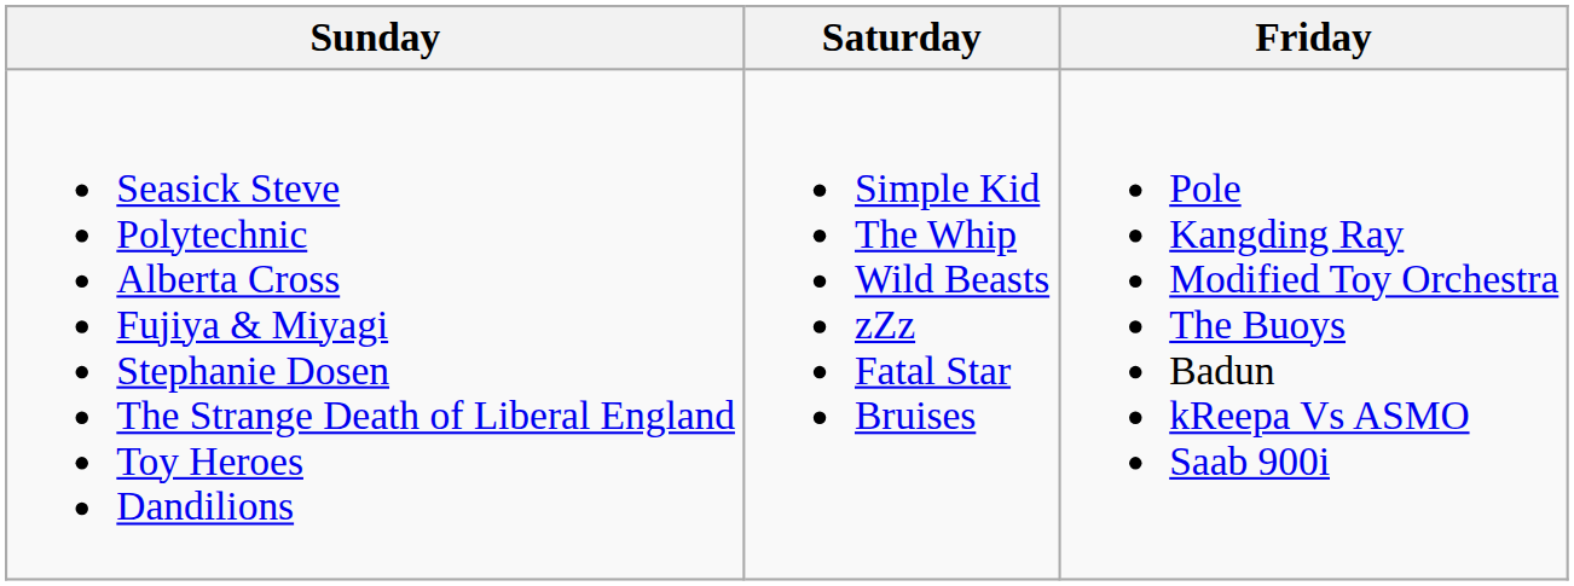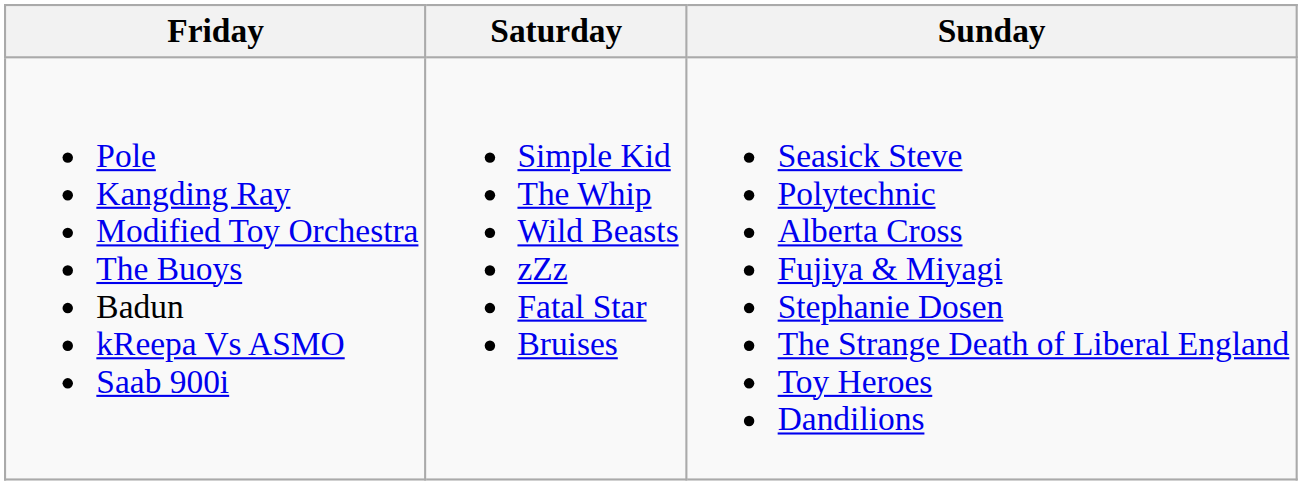 <table class="wikitable">
 <tr>
+<th>Friday</th>
+<th>Saturday</th>
 <th>Sunday</th>
-<th>Saturday</th>
-<th>Friday</th>
 </tr>
 <tr>
+<td valign=top><br><ul><li><a href='#'>Pole</a></li><li><a href='#'>Kangding Ray</a></li><li><a href='#'>Modified Toy Orchestra</a></li><li><a href='#'>The Buoys</a></li><li>Badun</li><li><a href='#'>kReepa Vs ASMO</a></li><li><a href='#'>Saab 900i</a></li></ul></td>
+<td valign=top><br><ul><li><a href='#'>Simple Kid</a></li><li><a href='#'>The Whip</a></li><li><a href='#'>Wild Beasts</a></li><li><a href='#'>zZz</a></li><li><a href='#'>Fatal Star</a></li><li><a href='#'>Bruises</a></li></ul></td>
 <td valign=top><br><ul><li><a href='#'>Seasick Steve</a></li><li><a href='#'>Polytechnic</a></li><li><a href='#'>Alberta Cross</a></li><li><a href='#'>Fujiya & Miyagi</a></li><li><a href='#'>Stephanie Dosen</a></li><li><a href='#'>The Strange Death of Liberal England</a></li><li><a href='#'>Toy Heroes</a></li><li><a href='#'>Dandilions</a></li></ul></td>
-<td valign=top><br><ul><li><a href='#'>Simple Kid</a></li><li><a href='#'>The Whip</a></li><li><a href='#'>Wild Beasts</a></li><li><a href='#'>zZz</a></li><li><a href='#'>Fatal Star</a></li><li><a href='#'>Bruises</a></li></ul></td>
-<td valign=top><br><ul><li><a href='#'>Pole</a></li><li><a href='#'>Kangding Ray</a></li><li><a href='#'>Modified Toy Orchestra</a></li><li><a href='#'>The Buoys</a></li><li>Badun</li><li><a href='#'>kReepa Vs ASMO</a></li><li><a href='#'>Saab 900i</a></li></ul></td>
 </tr>
 </table>
